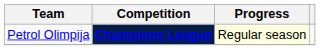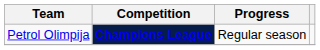 <table class="wikitable sortable">
 <tr>
 <th>Team</th>
 <th>Competition</th>
 <th>Progress</th>
 <th></th>
 </tr>
 <tr>
 <td><a href='#'>Petrol Olimpija</a></td>
 <td style="background-color:#071D49;color:#D0D3D4;text-align:center"><strong><a href='#'><span>Champions League</span></a></strong></td>
-<td style="background: lightyellow;">Regular season</td>
+<td>Regular season</td>
 <td style="text-align:center"></td>
 </tr>
 <tr>
 </tr>
 </table>
